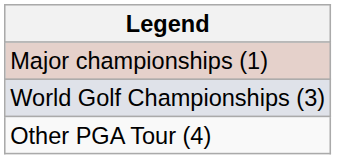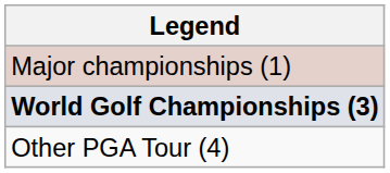 <table class="wikitable" style="font-size:95%;">
 <tr>
 <th>Legend</th>
 </tr>
 <tr style="background:#e5d1cb;">
 <td>Major championships (1)</td>
 </tr>
 <tr style="background:#dfe2e9;">
-<td>World Golf Championships (3)</td>
+<td><strong>World Golf Championships (3)</strong></td>
 </tr>
 <tr>
 <td>Other PGA Tour (4)</td>
 </tr>
 </table>
